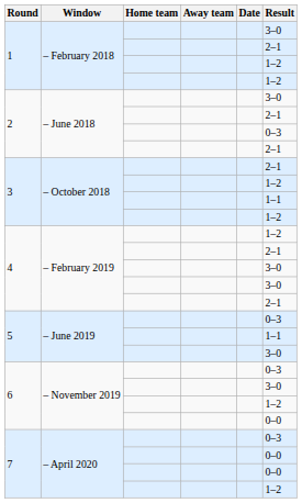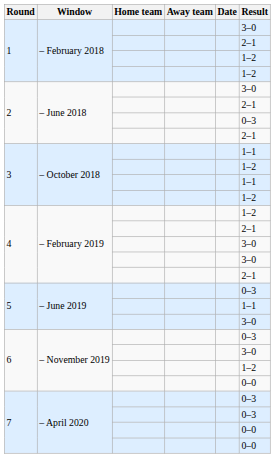 <table class="wikitable sortable">
 <tr>
 <th>Round</th>
 <th>Window</th>
 <th>Home team</th>
 <th>Away team</th>
 <th>Date</th>
 <th>Result</th>
 </tr>
 <tr style="background:#ddeeff">
 <td rowspan=4>1</td>
 <td rowspan=4> – February 2018</td>
 <td></td>
 <td></td>
 <td><a href='#'></a></td>
 <td>3–0</td>
 </tr>
 <tr style="background:#ddeeff">
 <td></td>
 <td></td>
 <td><a href='#'></a></td>
 <td>2–1</td>
 </tr>
 <tr style="background:#ddeeff">
 <td></td>
 <td></td>
 <td><a href='#'></a></td>
 <td>1–2</td>
 </tr>
 <tr style="background:#ddeeff">
 <td></td>
 <td></td>
 <td><a href='#'></a></td>
 <td>1–2</td>
 </tr>
 <tr>
 <td rowspan=4>2</td>
 <td rowspan=4> – June 2018</td>
 <td></td>
 <td></td>
 <td><a href='#'></a></td>
 <td>3–0</td>
 </tr>
 <tr>
 <td></td>
 <td></td>
 <td><a href='#'></a></td>
 <td>2–1</td>
 </tr>
 <tr>
 <td></td>
 <td></td>
 <td><a href='#'></a></td>
 <td>0–3</td>
 </tr>
 <tr>
 <td></td>
 <td></td>
 <td><a href='#'></a></td>
 <td>2–1</td>
 </tr>
 <tr style="background:#ddeeff">
 <td rowspan=4>3</td>
 <td rowspan=4> – October 2018</td>
 <td></td>
 <td></td>
 <td><a href='#'></a></td>
-<td>2–1</td>
+<td>1–1</td>
 </tr>
 <tr style="background:#ddeeff">
 <td></td>
 <td></td>
 <td><a href='#'></a></td>
 <td>1–2</td>
 </tr>
 <tr style="background:#ddeeff">
 <td></td>
 <td></td>
 <td><a href='#'></a></td>
 <td>1–1</td>
 </tr>
 <tr style="background:#ddeeff">
 <td></td>
 <td></td>
 <td><a href='#'></a></td>
 <td>1–2</td>
 </tr>
 <tr>
 <td rowspan=5>4</td>
 <td rowspan=5> – February 2019</td>
 <td></td>
 <td></td>
 <td><a href='#'></a></td>
 <td>1–2</td>
 </tr>
 <tr>
 <td></td>
 <td></td>
 <td><a href='#'></a></td>
 <td>2–1</td>
 </tr>
 <tr>
 <td></td>
 <td></td>
 <td><a href='#'></a></td>
 <td>3–0</td>
 </tr>
 <tr>
 <td></td>
 <td></td>
 <td><a href='#'></a></td>
 <td>3–0</td>
 </tr>
 <tr>
 <td></td>
 <td></td>
 <td><a href='#'></a></td>
 <td>2–1</td>
 </tr>
 <tr style="background:#ddeeff">
 <td rowspan=3>5</td>
 <td rowspan=3> – June 2019</td>
 <td></td>
 <td></td>
 <td><a href='#'></a></td>
 <td>0–3</td>
 </tr>
 <tr style="background:#ddeeff">
 <td></td>
 <td></td>
 <td><a href='#'></a></td>
 <td>1–1</td>
 </tr>
 <tr style="background:#ddeeff">
 <td></td>
 <td></td>
 <td><a href='#'></a></td>
 <td>3–0</td>
 </tr>
 <tr>
 <td rowspan=4>6</td>
 <td rowspan=4> – November 2019</td>
 <td></td>
 <td></td>
 <td><a href='#'></a></td>
 <td>0–3</td>
 </tr>
 <tr>
 <td></td>
 <td></td>
 <td><a href='#'></a></td>
 <td>3–0</td>
 </tr>
 <tr>
 <td></td>
 <td></td>
 <td><a href='#'></a></td>
 <td>1–2</td>
 </tr>
 <tr>
 <td></td>
 <td></td>
 <td></td>
 <td>0–0</td>
 </tr>
 <tr style="background:#ddeeff">
 <td rowspan=4>7</td>
 <td rowspan=4> – April 2020</td>
 <td></td>
 <td></td>
 <td><a href='#'></a></td>
 <td>0–3</td>
 </tr>
 <tr style="background:#ddeeff">
 <td></td>
 <td></td>
 <td><a href='#'></a></td>
-<td>0–0</td>
+<td>0–3</td>
 </tr>
 <tr style="background:#ddeeff">
 <td></td>
 <td></td>
 <td><a href='#'></a></td>
 <td>0–0</td>
 </tr>
 <tr style="background:#ddeeff">
 <td></td>
 <td></td>
 <td></td>
-<td>1–2</td>
+<td>0–0</td>
 </tr>
 </table>
